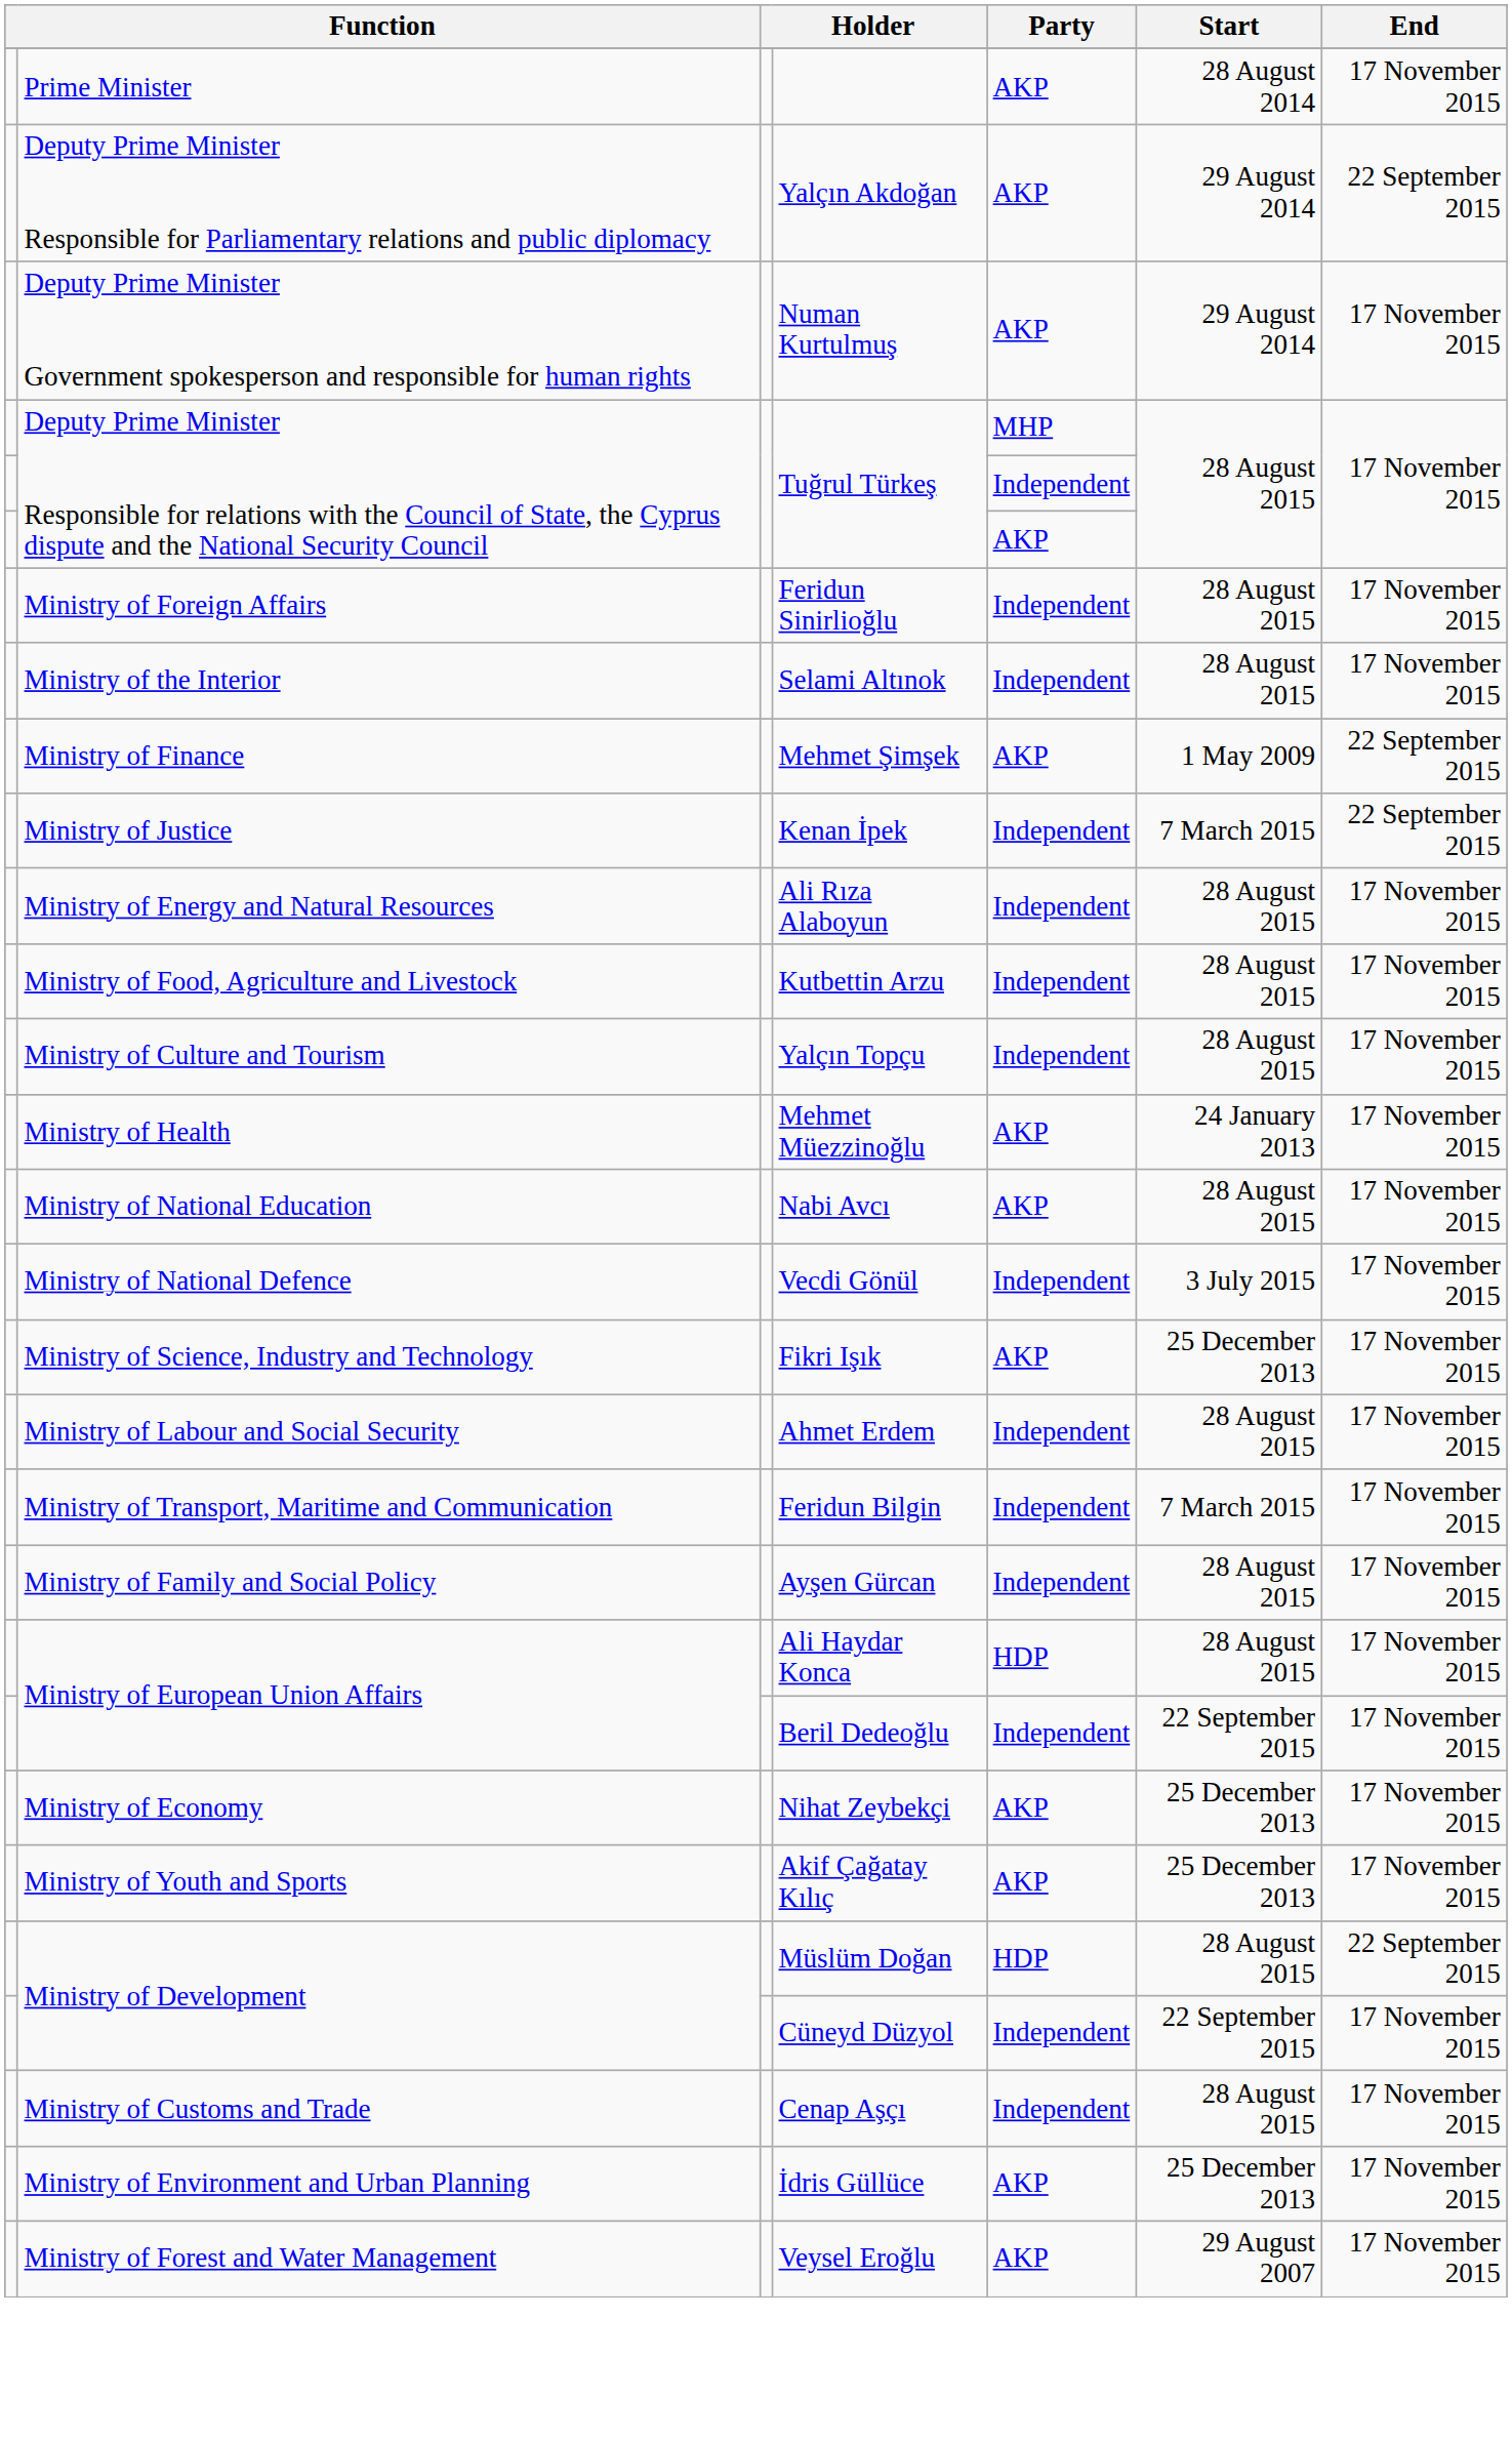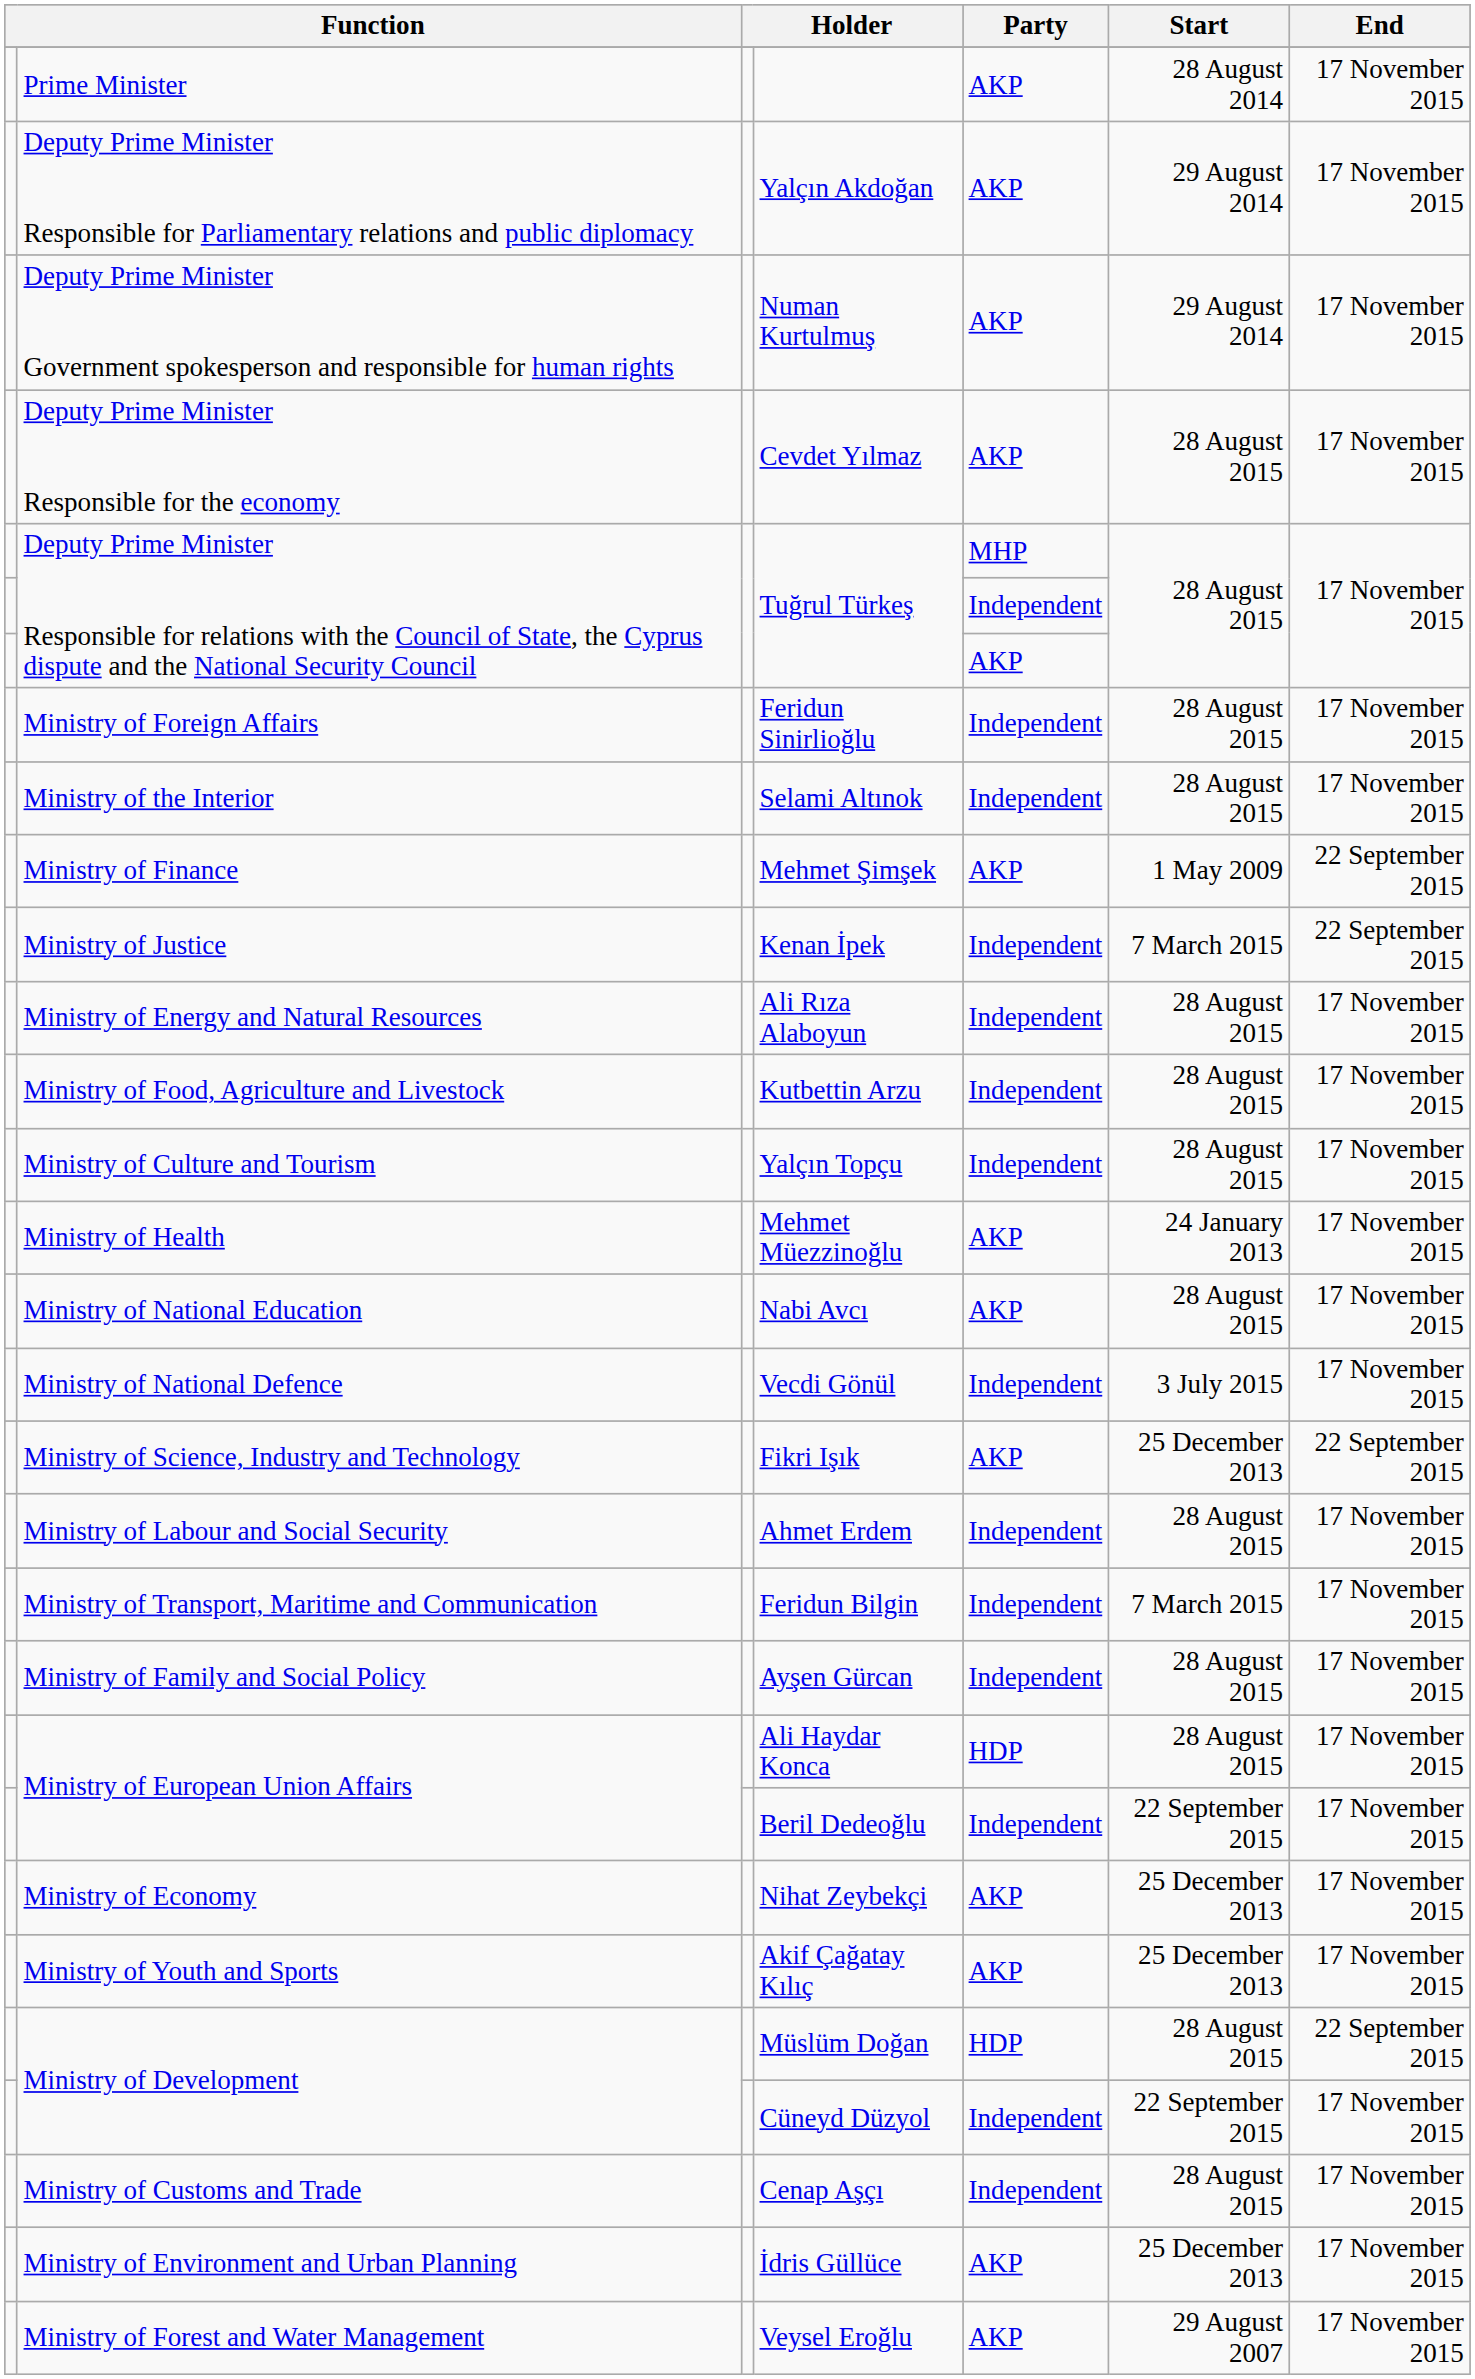 <table class="wikitable">
 <tr>
 <th colspan="2">Function</th>
 <th colspan="2">Holder</th>
 <th>Party</th>
 <th>Start</th>
 <th>End</th>
 </tr>
 <tr>
 </tr>
 <tr>
 <td style="background: "></td>
 <td><a href='#'>Prime Minister</a><br><em></em></td>
 <td></td>
 <td></td>
 <td><a href='#'>AKP</a></td>
 <td style="text-align:right;">28 August 2014</td>
 <td style="text-align:right;">17 November 2015</td>
 </tr>
 <tr>
 <td style="background: "></td>
 <td><a href='#'>Deputy Prime Minister</a><br><br><br>Responsible for <a href='#'>Parliamentary</a> relations and <a href='#'>public diplomacy</a></td>
 <td></td>
 <td><a href='#'>Yalçın Akdoğan</a></td>
 <td><a href='#'>AKP</a></td>
 <td style="text-align:right;">29 August 2014</td>
-<td style="text-align:right;">22 September 2015</td>
+<td style="text-align:right;">17 November 2015</td>
 </tr>
 <tr>
 <td style="background: "></td>
 <td><a href='#'>Deputy Prime Minister</a><br><br><br>Government spokesperson and responsible for <a href='#'>human rights</a></td>
 <td></td>
 <td><a href='#'>Numan Kurtulmuş</a></td>
 <td><a href='#'>AKP</a></td>
 <td style="text-align:right;">29 August 2014</td>
+<td style="text-align:right;">17 November 2015</td>
+</tr>
+<tr>
+<td style="background: "></td>
+<td><a href='#'>Deputy Prime Minister</a><br><br><br>Responsible for the <a href='#'>economy</a></td>
+<td></td>
+<td><a href='#'>Cevdet Yılmaz</a></td>
+<td><a href='#'>AKP</a></td>
+<td style="text-align:right;">28 August 2015</td>
 <td style="text-align:right;">17 November 2015</td>
 </tr>
 <tr>
 <td style="background: "></td>
 <td rowspan="3"><a href='#'>Deputy Prime Minister</a><br><br><br>Responsible for relations with the <a href='#'>Council of State</a>, the <a href='#'>Cyprus dispute</a> and the <a href='#'>National Security Council</a></td>
 <td rowspan="3"></td>
 <td rowspan="3"><a href='#'>Tuğrul Türkeş</a></td>
 <td><a href='#'>MHP</a><br></td>
 <td rowspan="3" style="text-align:right;">28 August 2015</td>
 <td rowspan="3" style="text-align:right;">17 November 2015</td>
 </tr>
 <tr>
 <td style="background: "></td>
 <td><a href='#'>Independent</a><br></td>
 </tr>
 <tr>
 <td style="background: "></td>
 <td><a href='#'>AKP</a><br></td>
 </tr>
 <tr>
 <td style="background: "></td>
 <td><a href='#'>Ministry of Foreign Affairs</a><br></td>
 <td></td>
 <td><a href='#'>Feridun Sinirlioğlu</a></td>
 <td><a href='#'>Independent</a></td>
 <td style="text-align:right;">28 August 2015</td>
 <td style="text-align:right;">17 November 2015</td>
 </tr>
 <tr>
 <td style="background: "></td>
 <td><a href='#'>Ministry of the Interior</a><br></td>
 <td></td>
 <td><a href='#'>Selami Altınok</a></td>
 <td><a href='#'>Independent</a></td>
 <td style="text-align:right;">28 August 2015</td>
 <td style="text-align:right;">17 November 2015</td>
 </tr>
 <tr>
 <td style="background: "></td>
 <td><a href='#'>Ministry of Finance</a><br></td>
 <td></td>
 <td><a href='#'>Mehmet Şimşek</a></td>
 <td><a href='#'>AKP</a></td>
 <td style="text-align:right;">1 May 2009</td>
 <td style="text-align:right;">22 September 2015</td>
 </tr>
 <tr>
 <td style="background: "></td>
 <td><a href='#'>Ministry of Justice</a><br></td>
 <td></td>
 <td><a href='#'>Kenan İpek</a></td>
 <td><a href='#'>Independent</a></td>
 <td style="text-align:right;">7 March 2015</td>
 <td style="text-align:right;">22 September 2015</td>
 </tr>
 <tr>
 <td style="background: "></td>
 <td><a href='#'>Ministry of Energy and Natural Resources</a><br></td>
 <td></td>
 <td><a href='#'>Ali Rıza Alaboyun</a></td>
 <td><a href='#'>Independent</a><br></td>
 <td style="text-align:right;">28 August 2015</td>
 <td style="text-align:right;">17 November 2015</td>
 </tr>
 <tr>
 <td style="background: "></td>
 <td><a href='#'>Ministry of Food, Agriculture and Livestock</a><br></td>
 <td></td>
 <td><a href='#'>Kutbettin Arzu</a></td>
 <td><a href='#'>Independent</a><br></td>
 <td style="text-align:right;">28 August 2015</td>
 <td style="text-align:right;">17 November 2015</td>
 </tr>
 <tr>
 <td style="background: "></td>
 <td><a href='#'>Ministry of Culture and Tourism</a><br></td>
 <td></td>
 <td><a href='#'>Yalçın Topçu</a></td>
 <td><a href='#'>Independent</a></td>
 <td style="text-align:right;">28 August 2015</td>
 <td style="text-align:right;">17 November 2015</td>
 </tr>
 <tr>
 <td style="background: "></td>
 <td><a href='#'>Ministry of Health</a><br></td>
 <td></td>
 <td><a href='#'>Mehmet Müezzinoğlu</a></td>
 <td><a href='#'>AKP</a></td>
 <td style="text-align:right;">24 January 2013</td>
 <td style="text-align:right;">17 November 2015</td>
 </tr>
 <tr>
 <td style="background: "></td>
 <td><a href='#'>Ministry of National Education</a><br></td>
 <td></td>
 <td><a href='#'>Nabi Avcı</a></td>
 <td><a href='#'>AKP</a></td>
 <td style="text-align:right;">28 August 2015</td>
 <td style="text-align:right;">17 November 2015</td>
 </tr>
 <tr>
 <td style="background: "></td>
 <td><a href='#'>Ministry of National Defence</a><br></td>
 <td></td>
 <td><a href='#'>Vecdi Gönül</a></td>
 <td><a href='#'>Independent</a><br></td>
 <td style="text-align:right;">3 July 2015</td>
 <td style="text-align:right;">17 November 2015</td>
 </tr>
 <tr>
 <td style="background: "></td>
 <td><a href='#'>Ministry of Science, Industry and Technology</a><br></td>
 <td></td>
 <td><a href='#'>Fikri Işık</a></td>
 <td><a href='#'>AKP</a></td>
 <td style="text-align:right;">25 December 2013</td>
-<td style="text-align:right;">17 November 2015</td>
+<td style="text-align:right;">22 September 2015</td>
 </tr>
 <tr>
 <td style="background: "></td>
 <td><a href='#'>Ministry of Labour and Social Security</a><br></td>
 <td></td>
 <td><a href='#'>Ahmet Erdem</a></td>
 <td><a href='#'>Independent</a></td>
 <td style="text-align:right;">28 August 2015</td>
 <td style="text-align:right;">17 November 2015</td>
 </tr>
 <tr>
 <td style="background: "></td>
 <td><a href='#'>Ministry of Transport, Maritime and Communication</a><br></td>
 <td></td>
 <td><a href='#'>Feridun Bilgin</a></td>
 <td><a href='#'>Independent</a></td>
 <td style="text-align:right;">7 March 2015</td>
 <td style="text-align:right;">17 November 2015</td>
 </tr>
 <tr>
 <td style="background: "></td>
 <td><a href='#'>Ministry of Family and Social Policy</a><br></td>
 <td></td>
 <td><a href='#'>Ayşen Gürcan</a></td>
 <td><a href='#'>Independent</a></td>
 <td style="text-align:right;">28 August 2015</td>
 <td style="text-align:right;">17 November 2015</td>
 </tr>
 <tr>
 <td style="background: "></td>
 <td rowspan="2"><a href='#'>Ministry of European Union Affairs</a><br></td>
 <td></td>
 <td><a href='#'>Ali Haydar Konca</a></td>
 <td><a href='#'>HDP</a></td>
 <td style="text-align:right;">28 August 2015</td>
 <td style="text-align:right;">17 November 2015</td>
 </tr>
 <tr>
 <td style="background: "></td>
 <td></td>
 <td><a href='#'>Beril Dedeoğlu</a></td>
 <td><a href='#'>Independent</a></td>
 <td style="text-align:right;">22 September 2015</td>
 <td style="text-align:right;">17 November 2015</td>
 </tr>
 <tr>
 <td style="background: "></td>
 <td><a href='#'>Ministry of Economy</a><br></td>
 <td></td>
 <td><a href='#'>Nihat Zeybekçi</a></td>
 <td><a href='#'>AKP</a></td>
 <td style="text-align:right;">25 December 2013</td>
 <td style="text-align:right;">17 November 2015</td>
 </tr>
 <tr>
 <td style="background: "></td>
 <td><a href='#'>Ministry of Youth and Sports</a><br></td>
 <td></td>
 <td><a href='#'>Akif Çağatay Kılıç</a></td>
 <td><a href='#'>AKP</a></td>
 <td style="text-align:right;">25 December 2013</td>
 <td style="text-align:right;">17 November 2015</td>
 </tr>
 <tr>
 <td style="background: "></td>
 <td rowspan="2"><a href='#'>Ministry of Development</a><br></td>
 <td></td>
 <td><a href='#'>Müslüm Doğan</a></td>
 <td><a href='#'>HDP</a></td>
 <td style="text-align:right;">28 August 2015</td>
 <td style="text-align:right;">22 September 2015</td>
 </tr>
 <tr>
 <td style="background: "></td>
 <td></td>
 <td><a href='#'>Cüneyd Düzyol</a></td>
 <td><a href='#'>Independent</a></td>
 <td style="text-align:right;">22 September 2015</td>
 <td style="text-align:right;">17 November 2015</td>
 </tr>
 <tr>
 <td style="background: "></td>
 <td><a href='#'>Ministry of Customs and Trade</a><br></td>
 <td></td>
 <td><a href='#'>Cenap Aşçı</a></td>
 <td><a href='#'>Independent</a></td>
 <td style="text-align:right;">28 August 2015</td>
 <td style="text-align:right;">17 November 2015</td>
 </tr>
 <tr>
 <td style="background: "></td>
 <td><a href='#'>Ministry of Environment and Urban Planning</a><br></td>
 <td></td>
 <td><a href='#'>İdris Güllüce</a></td>
 <td><a href='#'>AKP</a></td>
 <td style="text-align:right;">25 December 2013</td>
 <td style="text-align:right;">17 November 2015</td>
 </tr>
 <tr>
 <td style="background: "></td>
 <td><a href='#'>Ministry of Forest and Water Management</a><br></td>
 <td></td>
 <td><a href='#'>Veysel Eroğlu</a></td>
 <td><a href='#'>AKP</a></td>
 <td style="text-align:right;">29 August 2007</td>
 <td style="text-align:right;">17 November 2015</td>
 </tr>
 </table>
